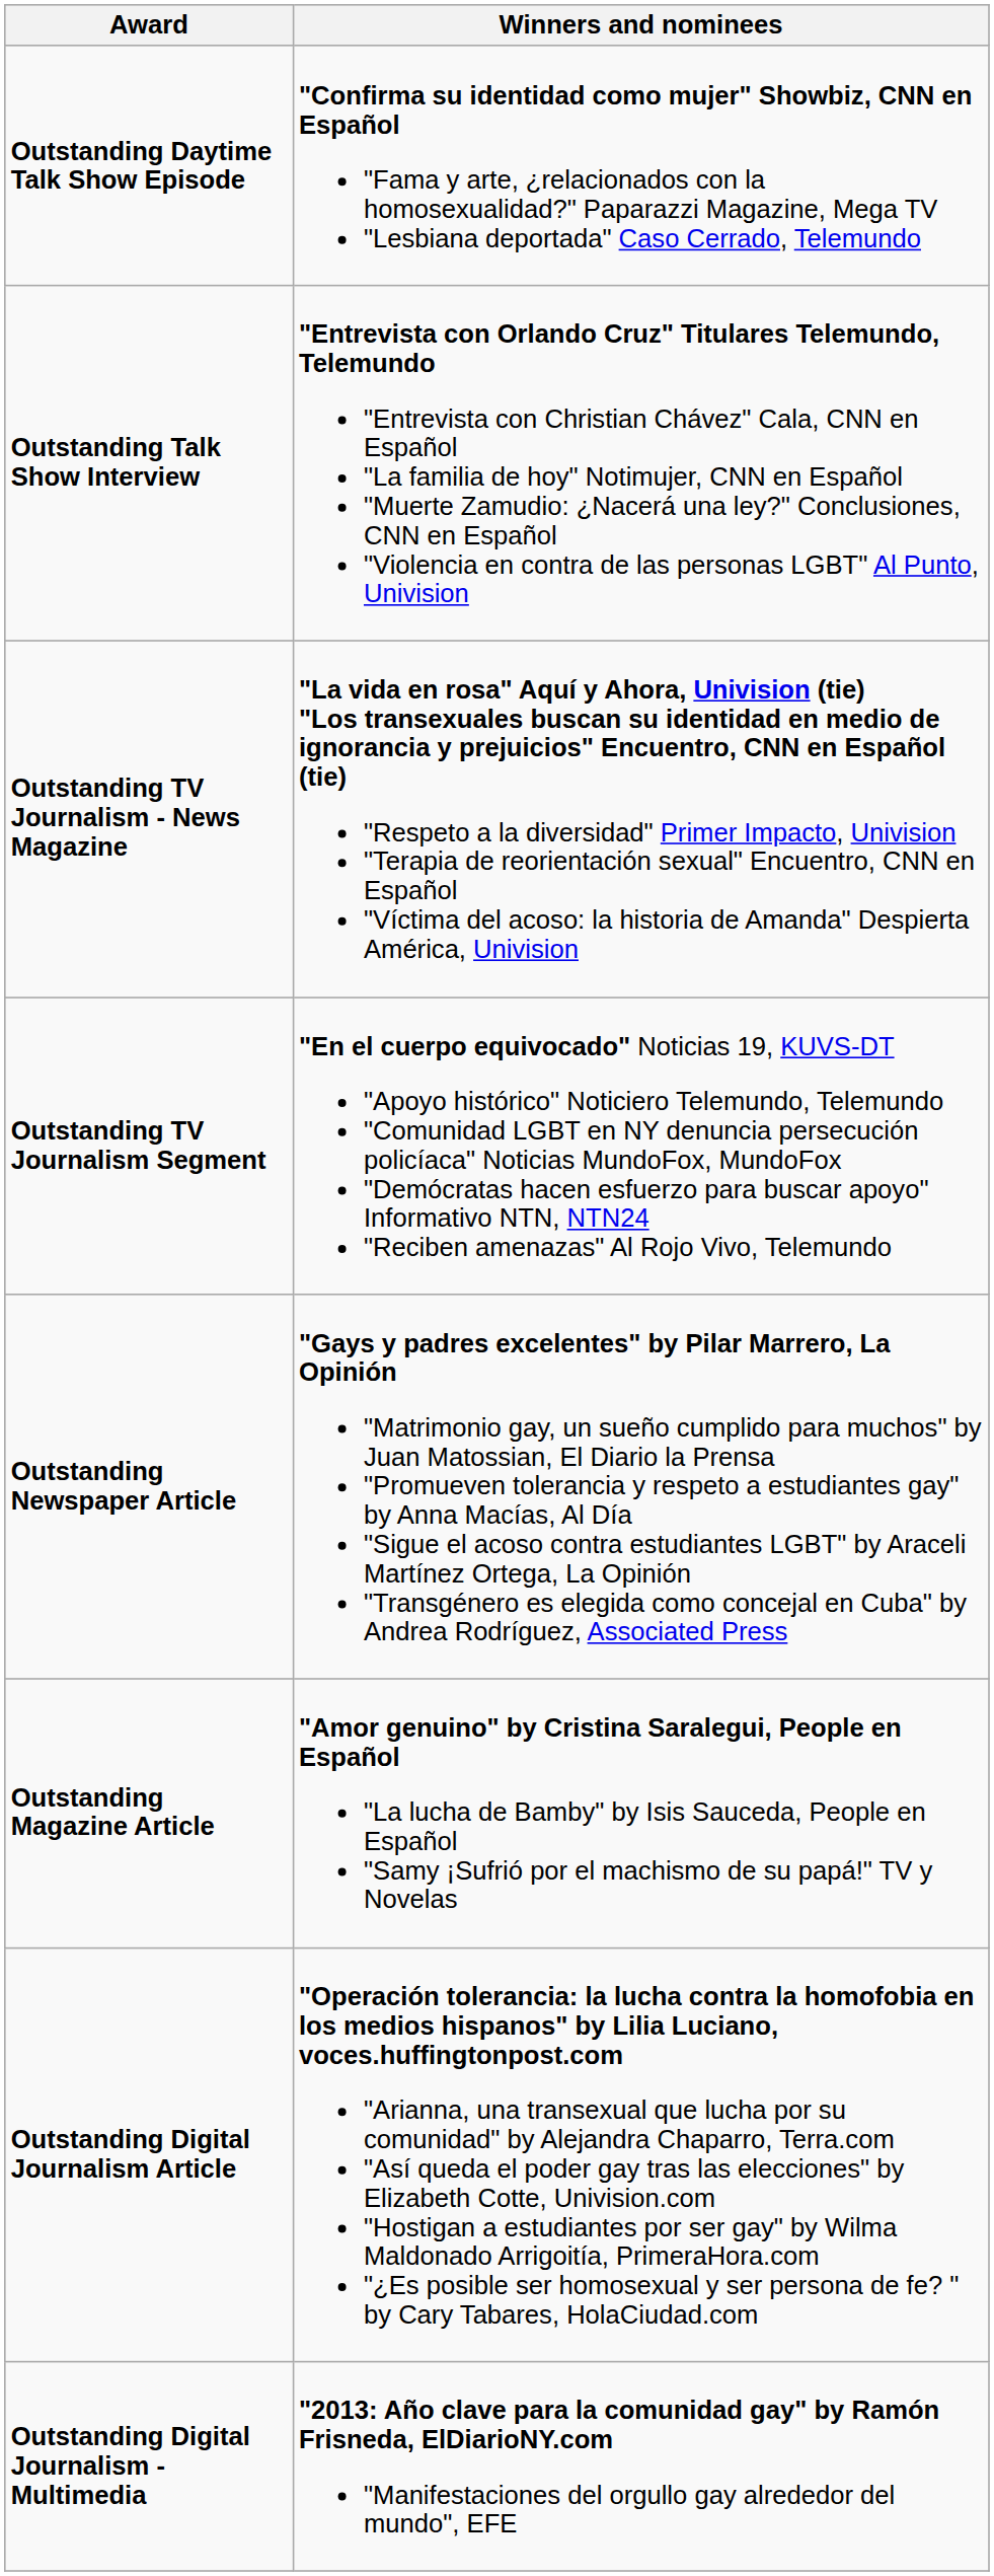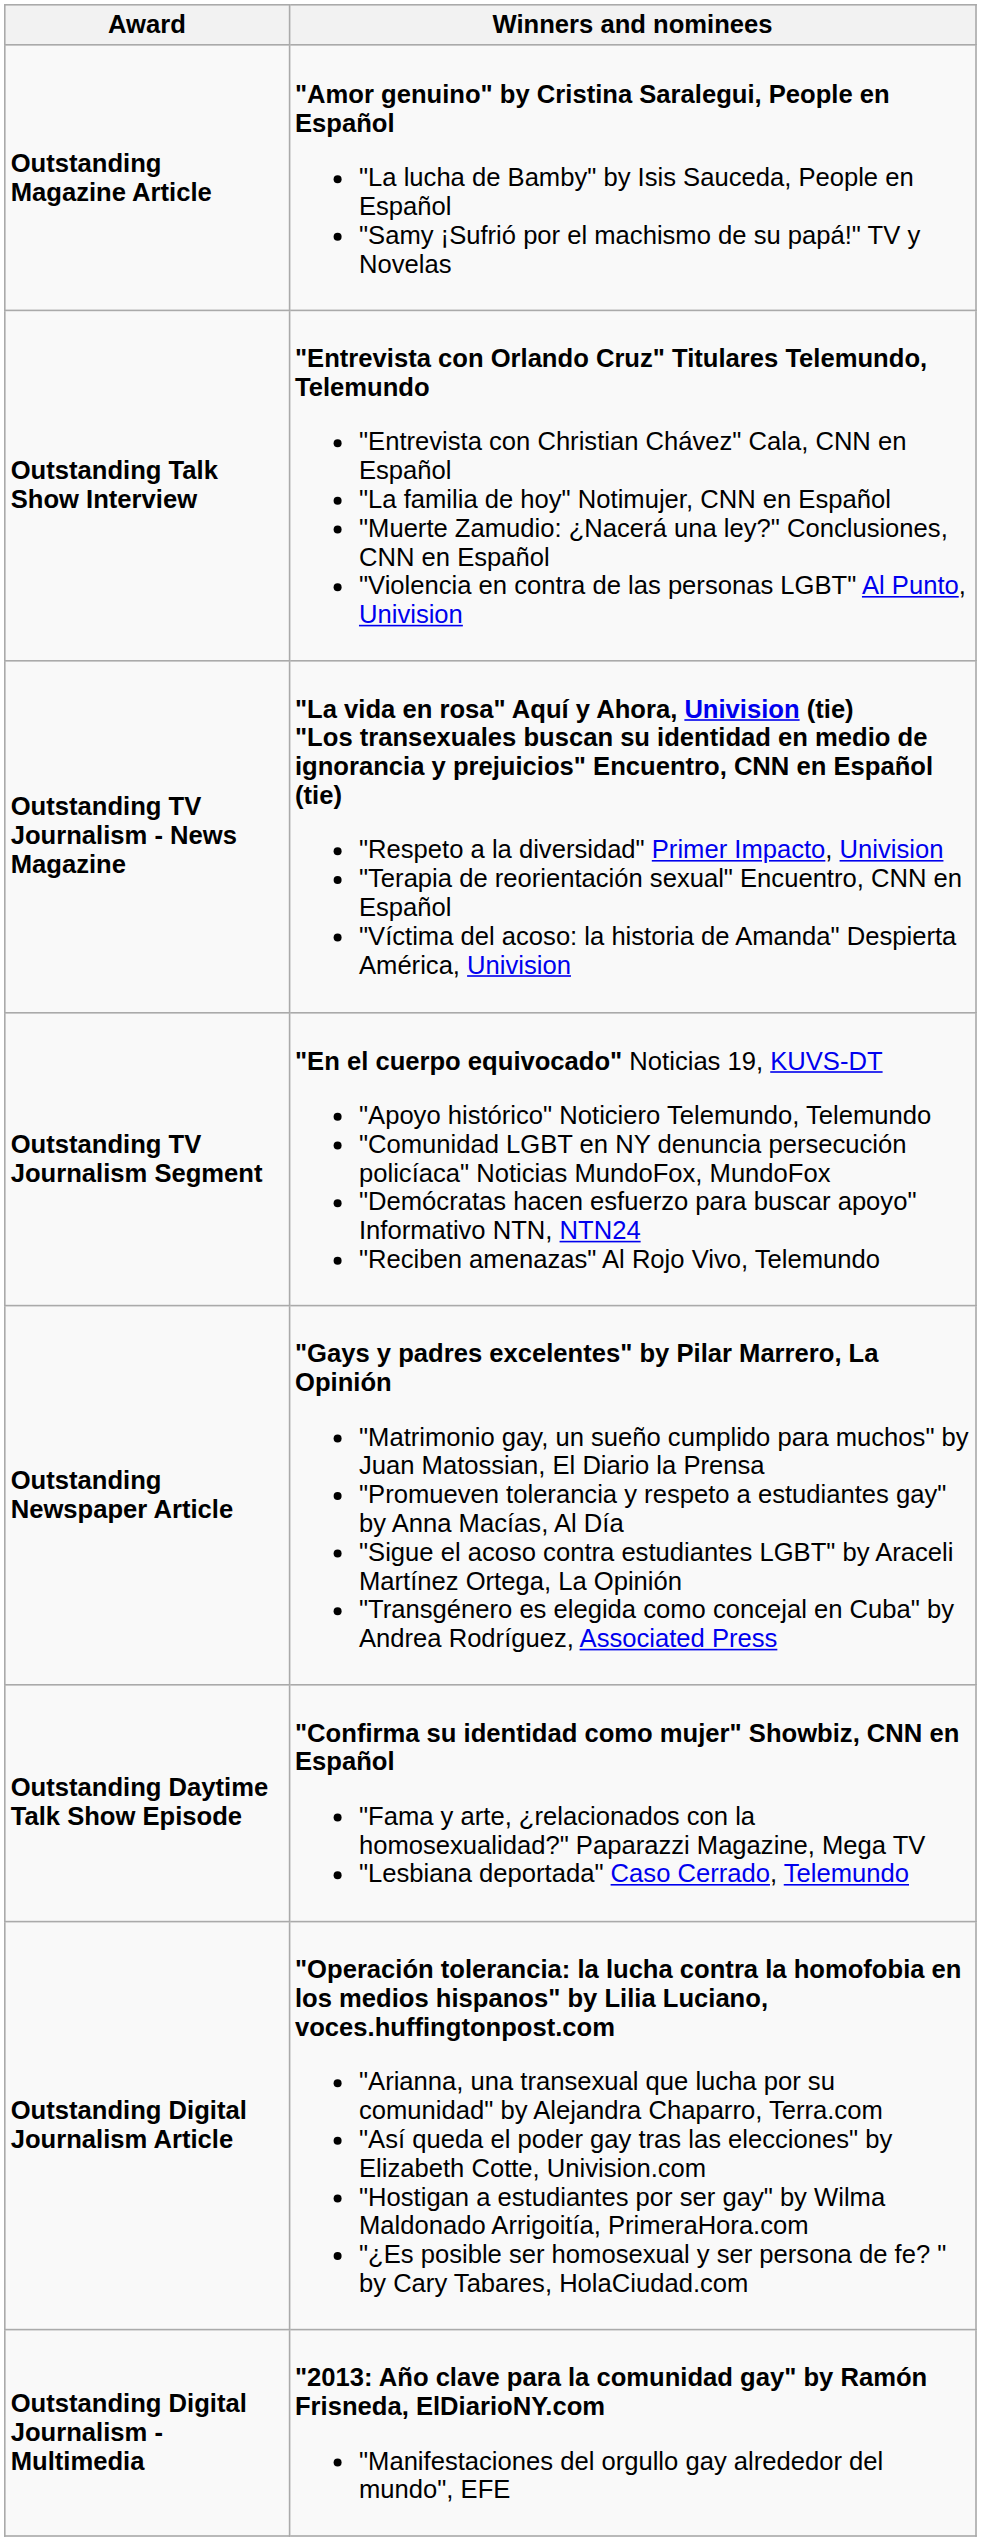 <table class="wikitable sortable">
 <tr>
 <th>Award</th>
 <th>Winners and nominees</th>
 </tr>
 <tr>
-<td><strong>Outstanding Daytime Talk Show Episode</strong></td>
-<td><br><strong>"Confirma su identidad como mujer" Showbiz, CNN en Español</strong><ul><li>"Fama y arte, ¿relacionados con la homosexualidad?" Paparazzi Magazine, Mega TV</li><li>"Lesbiana deportada" <a href='#'>Caso Cerrado</a>, <a href='#'>Telemundo</a></li></ul></td>
+<td ! scope="row"><strong>Outstanding Magazine Article</strong></td>
+<td><br><strong>"Amor genuino" by Cristina Saralegui, People en Español</strong><ul><li>"La lucha de Bamby" by Isis Sauceda, People en Español</li><li>"Samy ¡Sufrió por el machismo de su papá!" TV y Novelas</li></ul></td>
 </tr>
 <tr>
 <td><strong>Outstanding Talk Show Interview</strong></td>
 <td><br><strong>"Entrevista con Orlando Cruz" Titulares Telemundo, Telemundo</strong><ul><li>"Entrevista con Christian Chávez" Cala, CNN en Español</li><li>"La familia de hoy" Notimujer, CNN en Español</li><li>"Muerte Zamudio: ¿Nacerá una ley?" Conclusiones, CNN en Español</li><li>"Violencia en contra de las personas LGBT" <a href='#'>Al Punto</a>, <a href='#'>Univision</a></li></ul></td>
 </tr>
 <tr>
 <td><strong>Outstanding TV Journalism - News Magazine</strong></td>
 <td><br><strong>"La vida en rosa" Aquí y Ahora, <a href='#'>Univision</a> (tie)</strong><br> <strong>"Los transexuales buscan su identidad en medio de ignorancia y prejuicios" Encuentro, CNN en Español (tie)</strong><ul><li>"Respeto a la diversidad" <a href='#'>Primer Impacto</a>, <a href='#'>Univision</a></li><li>"Terapia de reorientación sexual" Encuentro, CNN en Español</li><li>"Víctima del acoso: la historia de Amanda" Despierta América, <a href='#'>Univision</a></li></ul></td>
 </tr>
 <tr>
 <td><strong>Outstanding TV Journalism Segment</strong></td>
 <td><br><strong>"En el cuerpo equivocado"</strong> Noticias 19, <a href='#'>KUVS-DT</a><ul><li>"Apoyo histórico" Noticiero Telemundo, Telemundo</li><li>"Comunidad LGBT en NY denuncia persecución policíaca" Noticias MundoFox, MundoFox</li><li>"Demócratas hacen esfuerzo para buscar apoyo" Informativo NTN, <a href='#'>NTN24</a></li><li>"Reciben amenazas" Al Rojo Vivo, Telemundo</li></ul></td>
 </tr>
 <tr>
 <td ! scope="row"><strong>Outstanding Newspaper Article</strong></td>
 <td><br><strong>"Gays y padres excelentes" by Pilar Marrero, La Opinión</strong><ul><li>"Matrimonio gay, un sueño cumplido para muchos" by Juan Matossian, El Diario la Prensa</li><li>"Promueven tolerancia y respeto a estudiantes gay" by Anna Macías, Al Día</li><li>"Sigue el acoso contra estudiantes LGBT" by Araceli Martínez Ortega, La Opinión</li><li>"Transgénero es elegida como concejal en Cuba" by Andrea Rodríguez, <a href='#'>Associated Press</a></li></ul></td>
 </tr>
 <tr>
-<td ! scope="row"><strong>Outstanding Magazine Article</strong></td>
-<td><br><strong>"Amor genuino" by Cristina Saralegui, People en Español</strong><ul><li>"La lucha de Bamby" by Isis Sauceda, People en Español</li><li>"Samy ¡Sufrió por el machismo de su papá!" TV y Novelas</li></ul></td>
+<td><strong>Outstanding Daytime Talk Show Episode</strong></td>
+<td><br><strong>"Confirma su identidad como mujer" Showbiz, CNN en Español</strong><ul><li>"Fama y arte, ¿relacionados con la homosexualidad?" Paparazzi Magazine, Mega TV</li><li>"Lesbiana deportada" <a href='#'>Caso Cerrado</a>, <a href='#'>Telemundo</a></li></ul></td>
 </tr>
 <tr>
 <td ! scope="row"><strong>Outstanding Digital Journalism Article</strong></td>
 <td><br><strong>"Operación tolerancia: la lucha contra la homofobia en los medios hispanos" by Lilia Luciano, voces.huffingtonpost.com</strong><ul><li>"Arianna, una transexual que lucha por su comunidad" by Alejandra Chaparro, Terra.com</li><li>"Así queda el poder gay tras las elecciones" by Elizabeth Cotte, Univision.com</li><li>"Hostigan a estudiantes por ser gay" by Wilma Maldonado Arrigoitía, PrimeraHora.com</li><li>"¿Es posible ser homosexual y ser persona de fe? " by Cary Tabares, HolaCiudad.com</li></ul></td>
 </tr>
 <tr>
 <td ! scope="row"><strong>Outstanding Digital Journalism - Multimedia</strong></td>
 <td><br><strong>"2013: Año clave para la comunidad gay" by Ramón Frisneda, ElDiarioNY.com</strong><ul><li>"Manifestaciones del orgullo gay alrededor del mundo", EFE</li></ul></td>
 </tr>
 </table>
